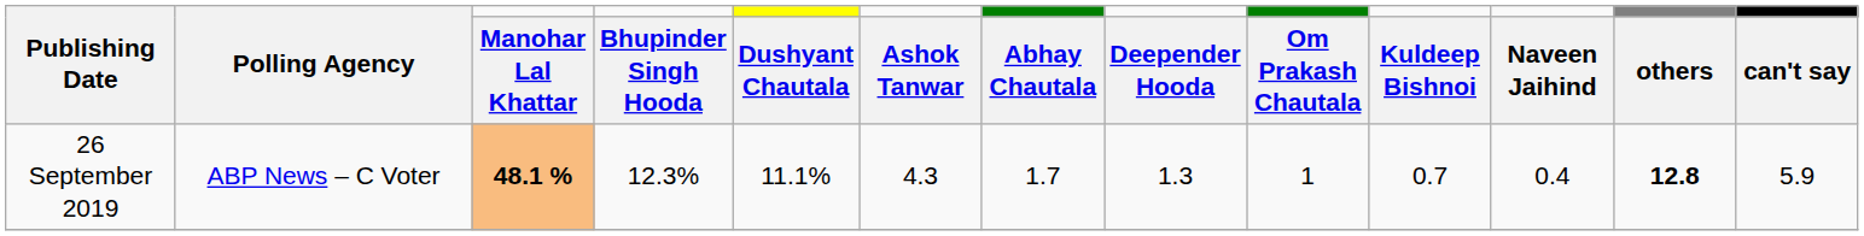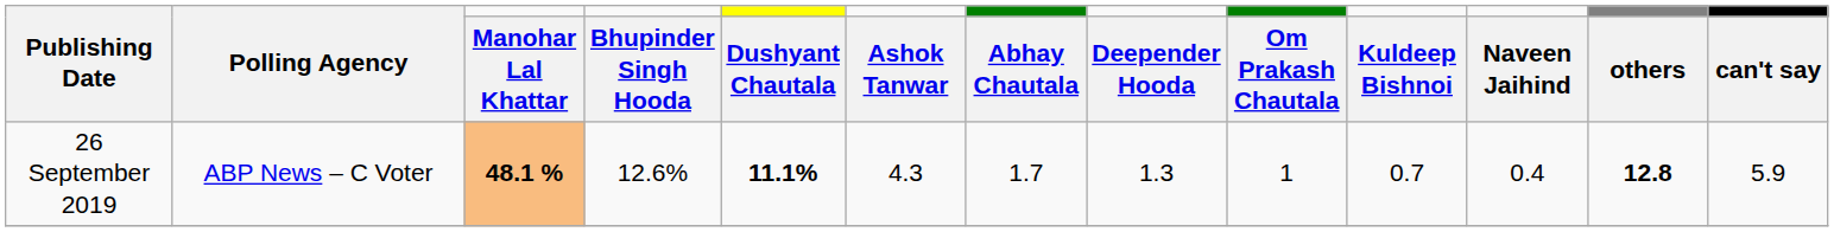 <table class="wikitable sortable" style="text-align:center;font-size:100%;line-height:20px;">
 <tr>
 <th class="wikitable" rowspan="2" style="width:100px;">Publishing Date</th>
 <th rowspan="2" class="wikitable" style="width:180px;">Polling Agency</th>
 <td></td>
 <td></td>
 <td style="background:yellow;"></td>
 <td></td>
 <td style="background:green;"></td>
 <td></td>
 <td style="background:green;"></td>
 <td></td>
 <td style="background:"></td>
 <td style="background:grey;"></td>
 <td style="background:black;"></td>
 </tr>
 <tr>
 <th class="wikitable" style="width:70px;"><a href='#'>Manohar Lal Khattar</a></th>
 <th class="wikitable" style="width:70px;"><a href='#'>Bhupinder Singh Hooda</a></th>
 <th class="wikitable" style="width:70px;"><a href='#'>Dushyant Chautala</a></th>
 <th class="wikitable" style="width:70px;"><a href='#'>Ashok Tanwar</a></th>
 <th class="wikitable" style="width:70px;"><a href='#'>Abhay Chautala</a></th>
 <th class="wikitable" style="width:70px;"><a href='#'>Deepender Hooda</a></th>
 <th class="wikitable" style="width:70px;"><a href='#'>Om Prakash Chautala</a></th>
 <th class="wikitable" style="width:70px;"><a href='#'>Kuldeep Bishnoi</a></th>
 <th class="wikitable" style="width:70px;">Naveen Jaihind</th>
 <th class="wikitable" style="width:70px;">others</th>
 <th class="wikitable" style="width:70px;">can't say</th>
 </tr>
 <tr>
 <td>26 September 2019</td>
 <td><a href='#'>ABP News</a> – C Voter</td>
 <td style="background:#F9BC7F"><strong>48.1 %</strong></td>
-<td>12.3%</td>
-<td>11.1%</td>
+<td>12.6%</td>
+<td><strong>11.1%</strong></td>
 <td>4.3</td>
 <td>1.7</td>
 <td>1.3</td>
 <td>1</td>
 <td>0.7</td>
 <td>0.4</td>
 <td><strong>12.8</strong></td>
 <td>5.9</td>
 </tr>
 <tr>
 </tr>
 </table>
